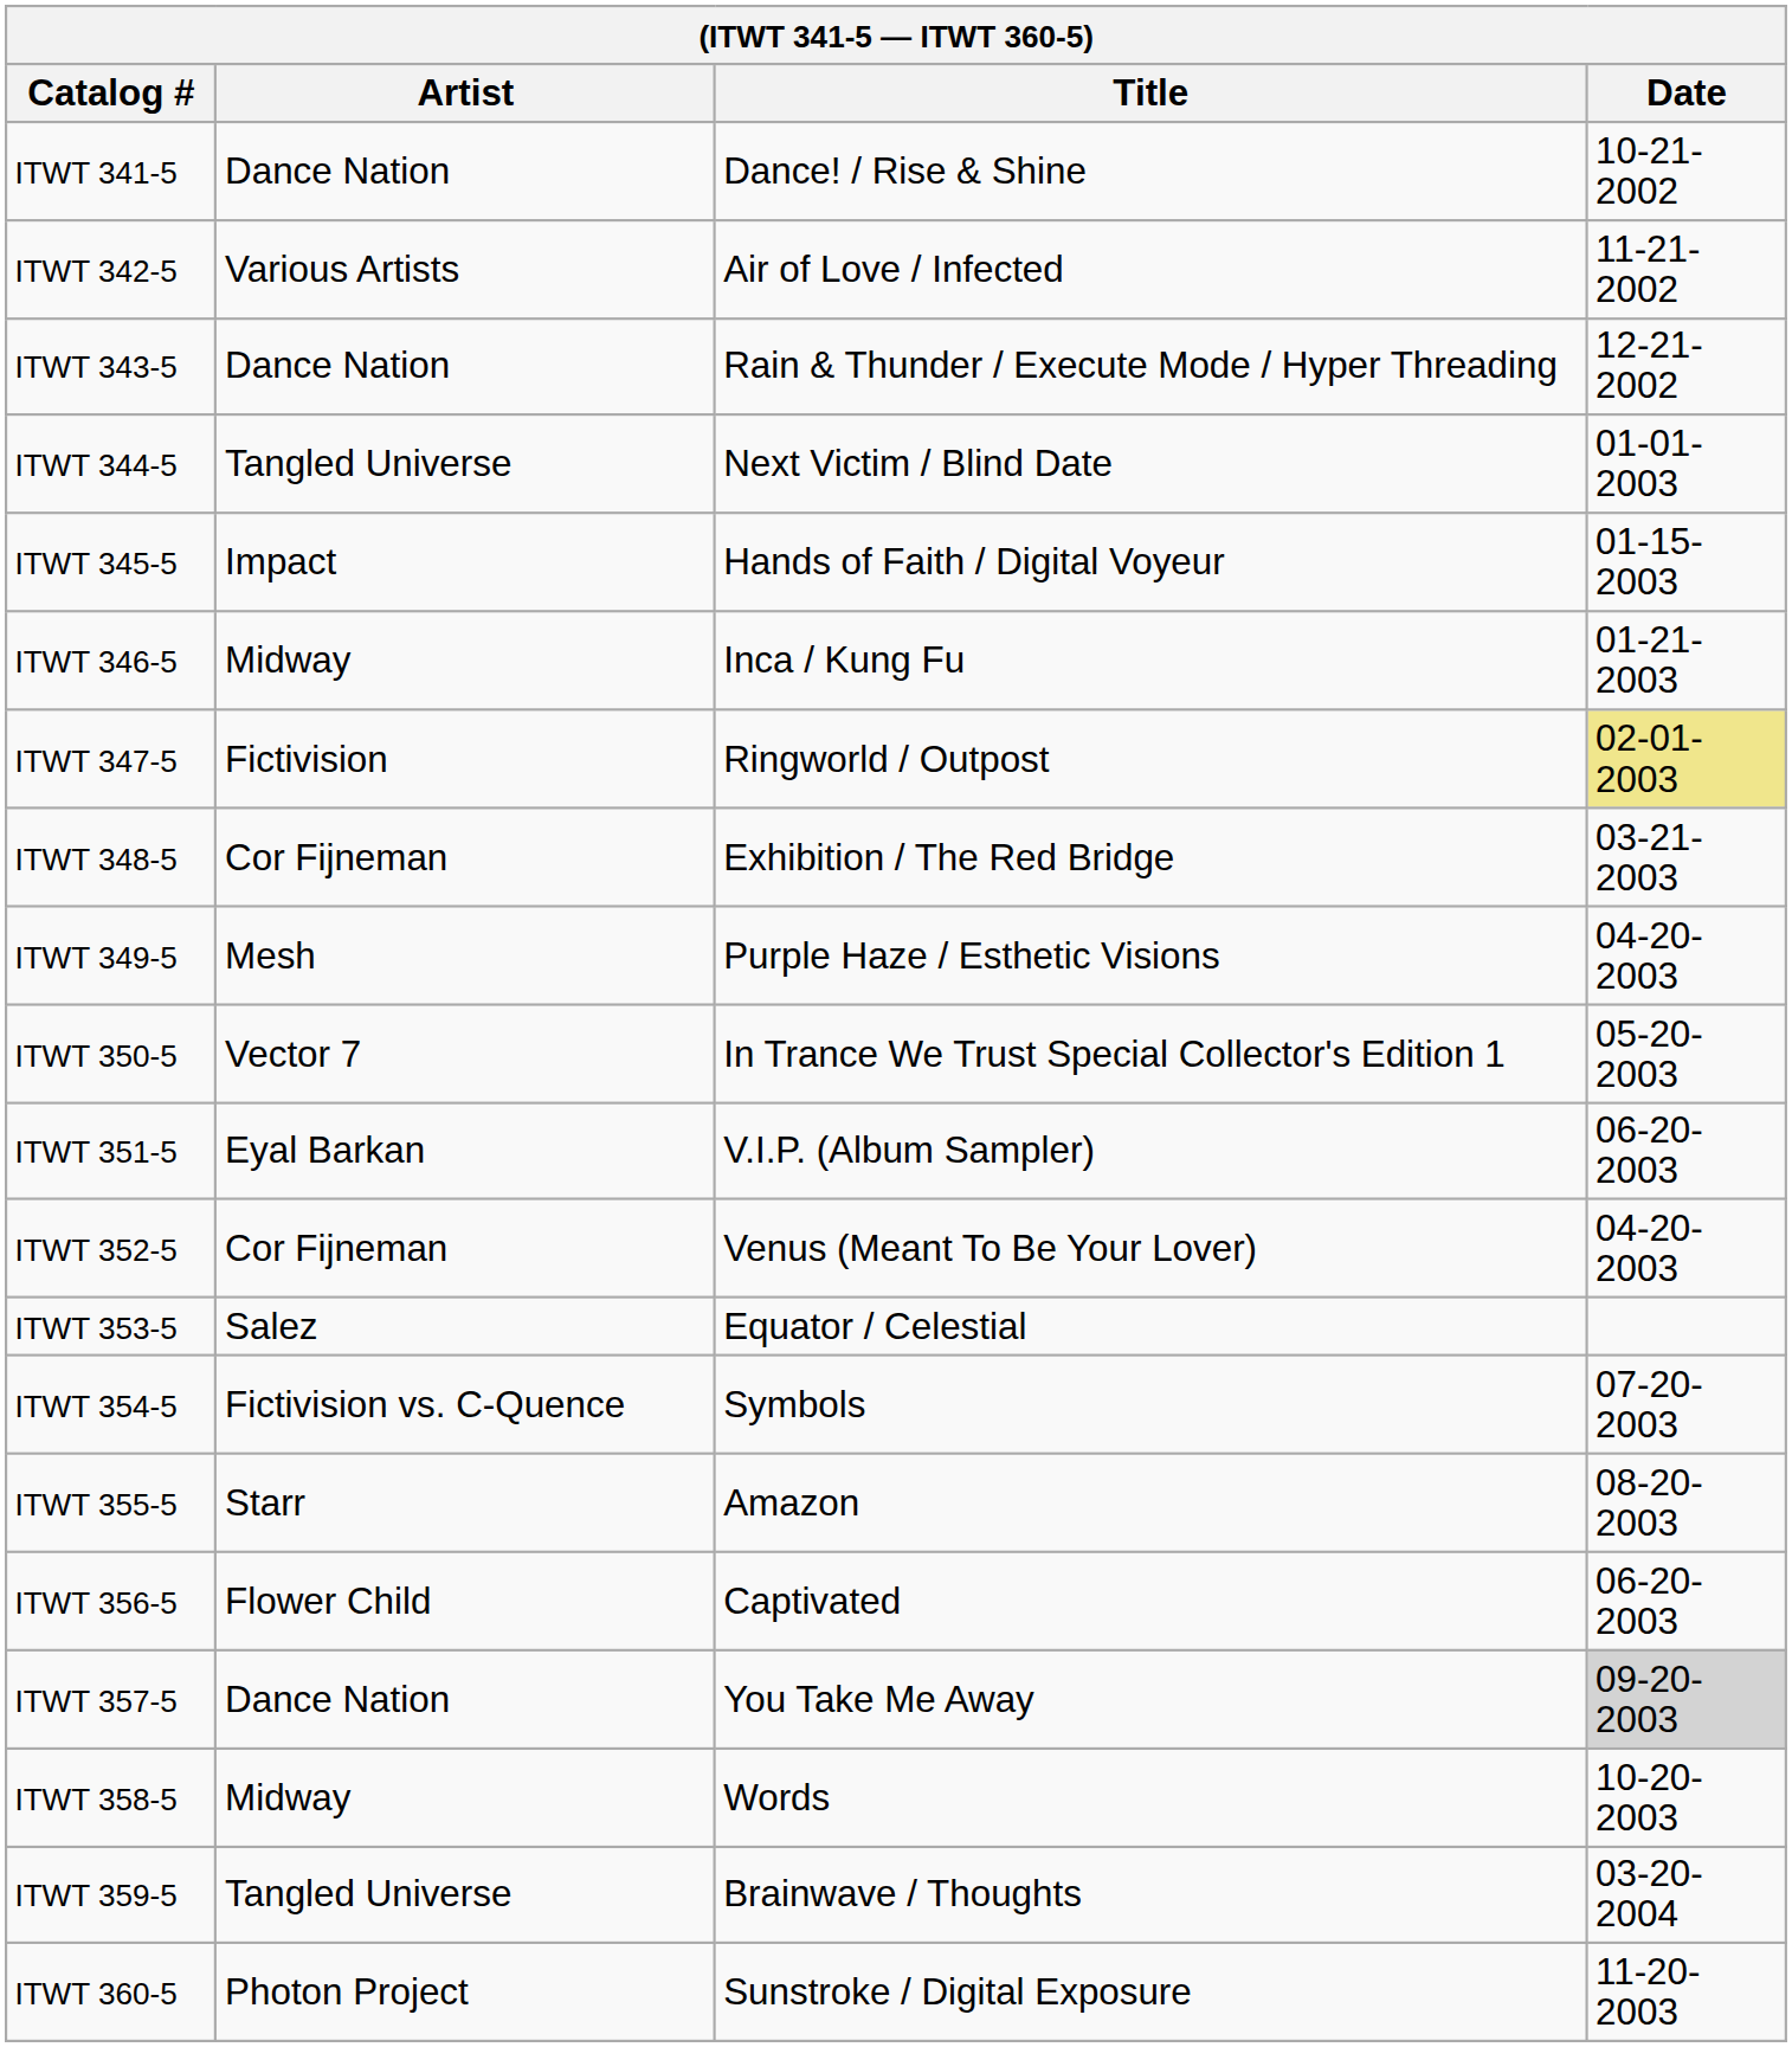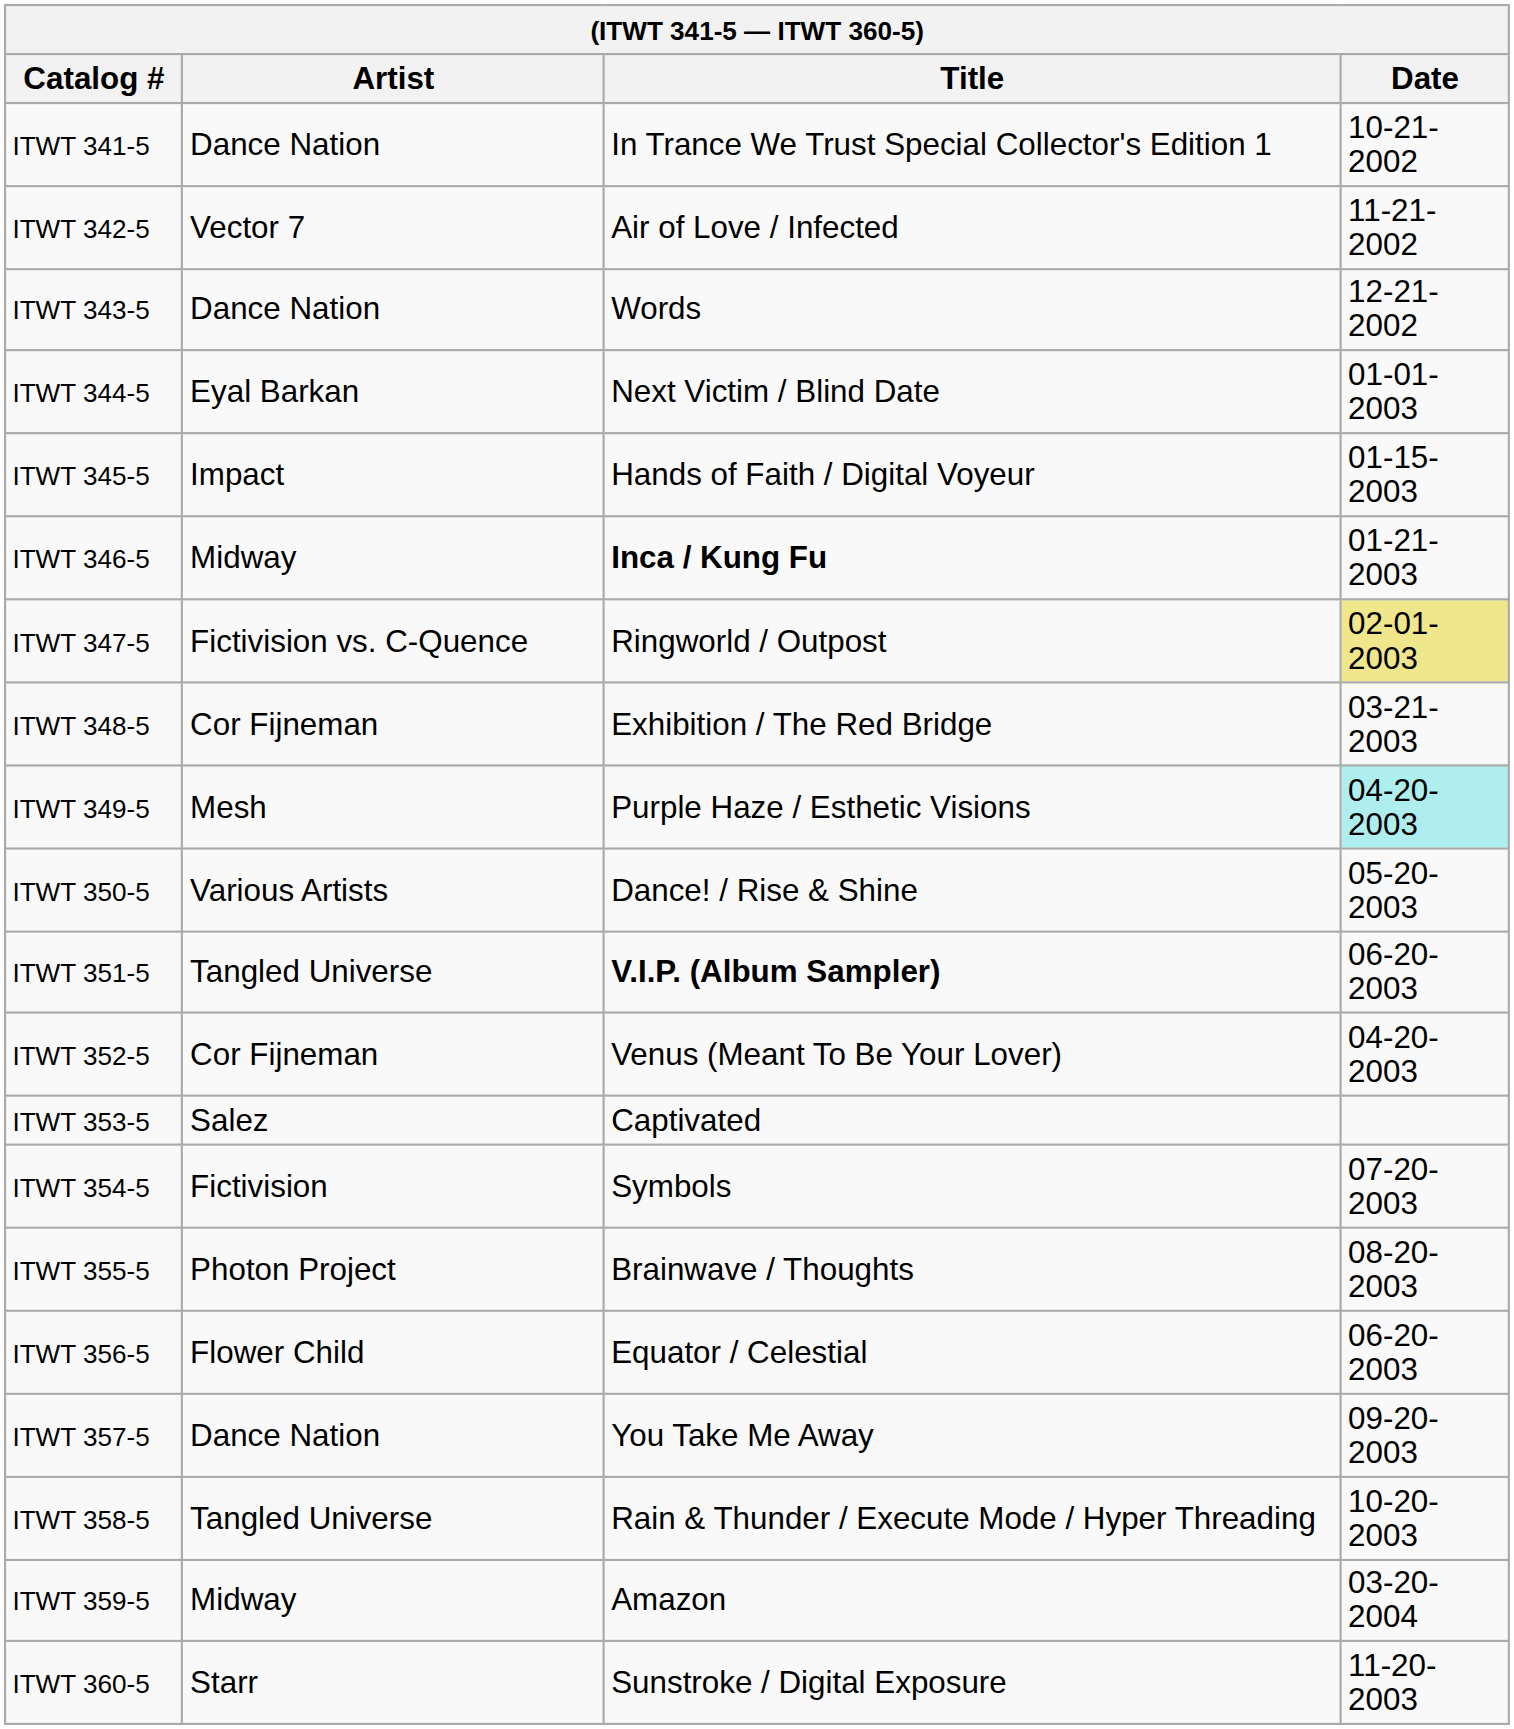 <table width="80%" class="wikitable collapsible collapsed" style="font-size:92%;position:relative;">
 <tr>
 <th colspan="5"><small>(ITWT 341-5 — ITWT 360-5)</small></th>
 </tr>
 <tr>
 <th width="8%">Catalog #</th>
 <th width="20%">Artist</th>
 <th width="35%">Title</th>
 <th width="8%">Date</th>
 </tr>
 <tr>
 <td><small>ITWT 341-5</small></td>
 <td>Dance Nation</td>
-<td>Dance! / Rise & Shine</td>
+<td>In Trance We Trust Special Collector's Edition 1</td>
 <td>10-21-2002</td>
 </tr>
 <tr>
 <td><small>ITWT 342-5</small></td>
-<td>Various Artists</td>
+<td>Vector  7</td>
 <td>Air of Love / Infected</td>
 <td>11-21-2002</td>
 </tr>
 <tr>
 <td><small>ITWT 343-5</small></td>
 <td>Dance Nation</td>
-<td>Rain & Thunder / Execute Mode / Hyper Threading</td>
+<td>Words</td>
 <td>12-21-2002</td>
 </tr>
 <tr>
 <td><small>ITWT 344-5</small></td>
-<td>Tangled Universe</td>
+<td>Eyal Barkan</td>
 <td>Next Victim / Blind Date</td>
 <td>01-01-2003</td>
 </tr>
 <tr>
 <td><small>ITWT 345-5</small></td>
 <td>Impact</td>
 <td>Hands of Faith / Digital Voyeur</td>
 <td>01-15-2003</td>
 </tr>
 <tr>
 <td><small>ITWT 346-5</small></td>
 <td>Midway</td>
-<td>Inca / Kung Fu</td>
+<td><strong>Inca / Kung Fu</strong></td>
 <td>01-21-2003</td>
 </tr>
 <tr>
 <td><small>ITWT 347-5</small></td>
-<td>Fictivision</td>
+<td>Fictivision vs. C-Quence</td>
 <td>Ringworld / Outpost</td>
 <td style="background: khaki;">02-01-2003</td>
 </tr>
 <tr>
 <td><small>ITWT 348-5</small></td>
 <td>Cor Fijneman</td>
 <td>Exhibition / The Red Bridge</td>
 <td>03-21-2003</td>
 </tr>
 <tr>
 <td><small>ITWT 349-5</small></td>
 <td>Mesh</td>
 <td>Purple Haze / Esthetic Visions</td>
-<td>04-20-2003</td>
+<td style="background: paleturquoise;">04-20-2003</td>
 </tr>
 <tr>
 <td><small>ITWT 350-5</small></td>
-<td>Vector  7</td>
-<td>In Trance We Trust Special Collector's Edition 1</td>
+<td>Various Artists</td>
+<td>Dance! / Rise & Shine</td>
 <td>05-20-2003</td>
 </tr>
 <tr>
 <td><small>ITWT 351-5</small></td>
-<td>Eyal Barkan</td>
-<td>V.I.P. (Album Sampler)</td>
+<td>Tangled Universe</td>
+<td><strong>V.I.P. (Album Sampler)</strong></td>
 <td>06-20-2003</td>
 </tr>
 <tr>
 <td><small>ITWT 352-5</small></td>
 <td>Cor Fijneman</td>
 <td>Venus (Meant To Be Your Lover)</td>
 <td>04-20-2003</td>
 </tr>
 <tr>
 <td><small>ITWT 353-5</small></td>
 <td>Salez</td>
-<td>Equator / Celestial</td>
+<td>Captivated</td>
 <td></td>
 </tr>
 <tr>
 <td><small>ITWT 354-5</small></td>
-<td>Fictivision vs. C-Quence</td>
+<td>Fictivision</td>
 <td>Symbols</td>
 <td>07-20-2003</td>
 </tr>
 <tr>
 <td><small>ITWT 355-5</small></td>
-<td>Starr</td>
-<td>Amazon</td>
+<td>Photon Project</td>
+<td>Brainwave / Thoughts</td>
 <td>08-20-2003</td>
 </tr>
 <tr>
 <td><small>ITWT 356-5</small></td>
 <td>Flower Child</td>
-<td>Captivated</td>
+<td>Equator / Celestial</td>
 <td>06-20-2003</td>
 </tr>
 <tr>
 <td><small>ITWT 357-5</small></td>
 <td>Dance Nation</td>
 <td>You Take Me Away</td>
-<td style="background: lightgrey;">09-20-2003</td>
+<td>09-20-2003</td>
 </tr>
 <tr>
 <td><small>ITWT 358-5</small></td>
-<td>Midway</td>
-<td>Words</td>
+<td>Tangled Universe</td>
+<td>Rain & Thunder / Execute Mode / Hyper Threading</td>
 <td>10-20-2003</td>
 </tr>
 <tr>
 <td><small>ITWT 359-5</small></td>
-<td>Tangled Universe</td>
-<td>Brainwave / Thoughts</td>
+<td>Midway</td>
+<td>Amazon</td>
 <td>03-20-2004</td>
 </tr>
 <tr>
 <td><small>ITWT 360-5</small></td>
-<td>Photon Project</td>
+<td>Starr</td>
 <td>Sunstroke / Digital Exposure</td>
 <td>11-20-2003</td>
 </tr>
 <tr>
 </tr>
 </table>
